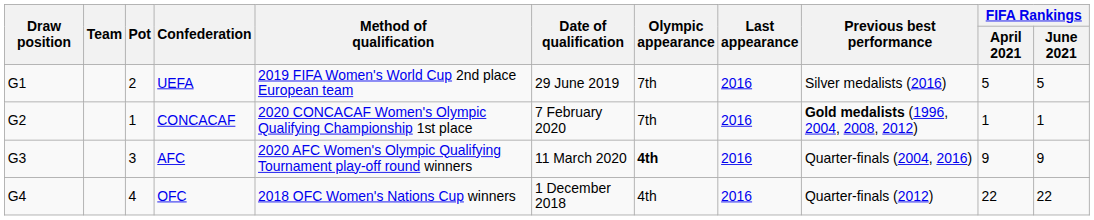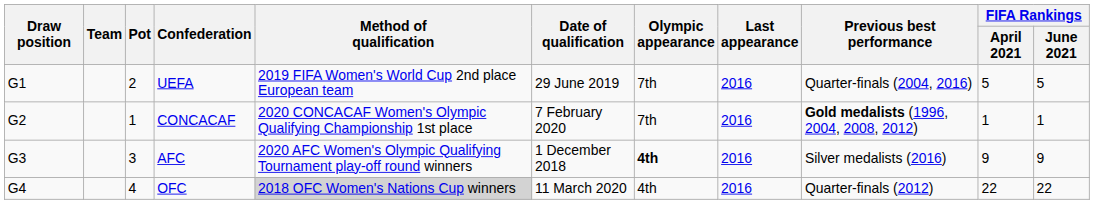 <table class="wikitable sortable">
 <tr>
 <th rowspan="2">Draw position</th>
 <th rowspan="2">Team</th>
 <th rowspan="2">Pot</th>
 <th rowspan="2">Confederation</th>
 <th rowspan="2">Method of<br>qualification</th>
 <th rowspan="2">Date of<br>qualification</th>
 <th rowspan="2">Olympic<br>appearance</th>
 <th rowspan="2">Last<br>appearance</th>
 <th rowspan="2">Previous best<br>performance</th>
 <th colspan="2"><a href='#'>FIFA Rankings</a></th>
 </tr>
 <tr>
 <th>April 2021</th>
 <th>June 2021</th>
 </tr>
 <tr>
 <td>G1</td>
 <td style=white-space:nowrap></td>
 <td>2</td>
 <td><a href='#'>UEFA</a></td>
 <td><a href='#'>2019 FIFA Women's World Cup</a> 2nd place <a href='#'>European team</a></td>
 <td>29 June 2019</td>
 <td data-sort-value="7">7th</td>
 <td><a href='#'>2016</a></td>
-<td data-sort-value="2">Silver medalists (<a href='#'>2016</a>)</td>
+<td data-sort-value="5">Quarter-finals (<a href='#'>2004</a>, <a href='#'>2016</a>)</td>
 <td>5</td>
 <td>5</td>
 </tr>
 <tr>
 <td>G2</td>
 <td style=white-space:nowrap></td>
 <td>1</td>
 <td><a href='#'>CONCACAF</a></td>
 <td><a href='#'>2020 CONCACAF Women's Olympic Qualifying Championship</a> 1st place</td>
 <td>7 February 2020</td>
 <td data-sort-value="7">7th</td>
 <td><a href='#'>2016</a></td>
 <td data-sort-value="1"><strong>Gold medalists</strong> (<a href='#'>1996</a>, <a href='#'>2004</a>, <a href='#'>2008</a>, <a href='#'>2012</a>)</td>
 <td>1</td>
 <td>1</td>
 </tr>
 <tr>
 <td>G3</td>
 <td style=white-space:nowrap></td>
 <td>3</td>
 <td><a href='#'>AFC</a></td>
 <td><a href='#'>2020 AFC Women's Olympic Qualifying Tournament play-off round</a> winners</td>
-<td>11 March 2020</td>
+<td>1 December 2018</td>
 <td data-sort-value="4"><strong>4th</strong></td>
 <td><a href='#'>2016</a></td>
-<td data-sort-value="5">Quarter-finals (<a href='#'>2004</a>, <a href='#'>2016</a>)</td>
+<td data-sort-value="2">Silver medalists (<a href='#'>2016</a>)</td>
 <td>9</td>
 <td>9</td>
 </tr>
 <tr>
 <td>G4</td>
 <td style=white-space:nowrap></td>
 <td>4</td>
 <td><a href='#'>OFC</a></td>
-<td><a href='#'>2018 OFC Women's Nations Cup</a> winners</td>
-<td>1 December 2018</td>
+<td style="background: lightgrey;"><a href='#'>2018 OFC Women's Nations Cup</a> winners</td>
+<td>11 March 2020</td>
 <td data-sort-value="4">4th</td>
 <td><a href='#'>2016</a></td>
 <td data-sort-value="5">Quarter-finals (<a href='#'>2012</a>)</td>
 <td>22</td>
 <td>22</td>
 </tr>
 </table>
